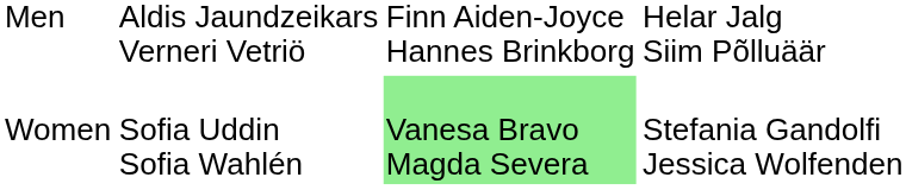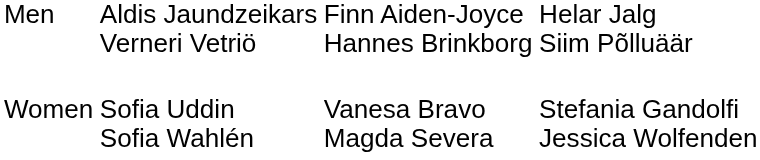 <table>
 <tr>
 <td>Men</td>
 <td><br>Aldis Jaundzeikars<br>Verneri Vetriö</td>
 <td><br>Finn Aiden-Joyce<br>Hannes Brinkborg</td>
 <td><br>Helar Jalg<br>Siim Põlluäär</td>
 </tr>
 <tr>
 <td>Women</td>
 <td><br>Sofia Uddin<br>Sofia Wahlén</td>
-<td style="background: lightgreen;"><br>Vanesa Bravo<br>Magda Severa</td>
+<td><br>Vanesa Bravo<br>Magda Severa</td>
 <td><br>Stefania Gandolfi<br>Jessica Wolfenden</td>
 </tr>
 </table>
